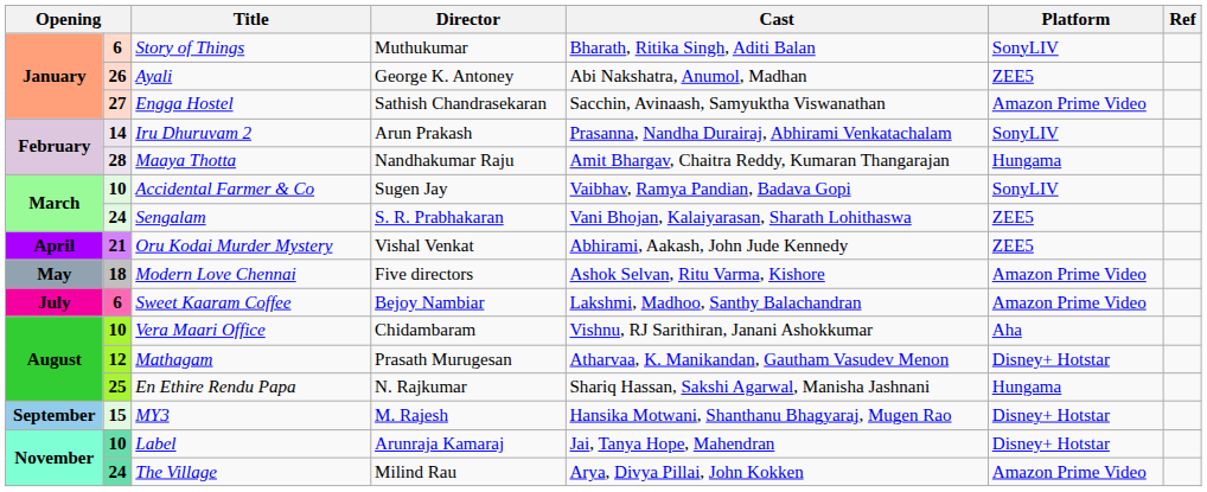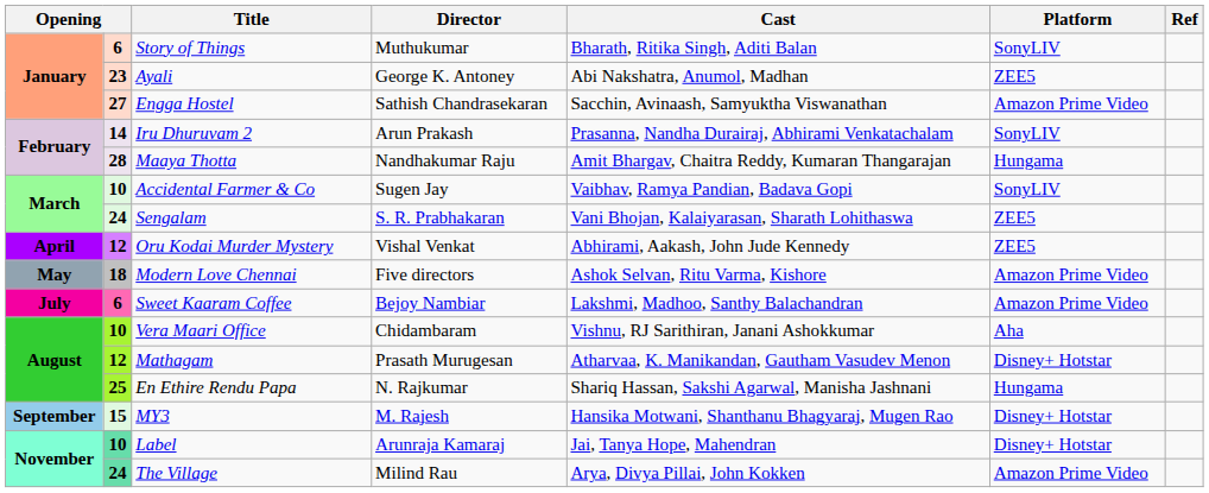 <table class="wikitable" width="85%">
 <tr>
 <th colspan="2">Opening</th>
 <th style="width:20%;">Title</th>
 <th>Director</th>
 <th>Cast</th>
 <th>Platform</th>
 <th>Ref</th>
 </tr>
 <tr>
 <td rowspan="3" style="text-align:center; background:#ffa07a; textcolor:#000;"><strong>January</strong></td>
 <td rowspan="1" style="text-align:center; background:#ffdacc;"><strong>6</strong></td>
 <td><em><a href='#'>Story of Things</a></em></td>
 <td>Muthukumar</td>
 <td><a href='#'>Bharath</a>, <a href='#'>Ritika Singh</a>, <a href='#'>Aditi Balan</a></td>
 <td><a href='#'>SonyLIV</a></td>
 <td></td>
 </tr>
 <tr>
-<td rowspan="1" style="text-align:center; background:#ffdacc;"><strong>26</strong></td>
+<td rowspan="1" style="text-align:center; background:#ffdacc;"><strong>23</strong></td>
 <td><em><a href='#'>Ayali</a></em></td>
 <td>George K. Antoney</td>
 <td>Abi Nakshatra, <a href='#'>Anumol</a>, Madhan</td>
 <td><a href='#'>ZEE5</a></td>
 <td></td>
 </tr>
 <tr>
 <td rowspan="1" style="text-align:center; background:#ffdacc;"><strong>27</strong></td>
 <td><em><a href='#'>Engga Hostel</a></em></td>
 <td>Sathish Chandrasekaran</td>
 <td>Sacchin, Avinaash, Samyuktha Viswanathan</td>
 <td><a href='#'>Amazon Prime Video</a></td>
 <td></td>
 </tr>
 <tr>
 <td rowspan="2" style="text-align:center; background:#dcc7df; textcolor:#000;"><strong>February</strong></td>
 <td style="text-align:center; background:#ede3ef;"><strong>14</strong></td>
 <td><em><a href='#'>Iru Dhuruvam 2</a></em></td>
 <td>Arun Prakash</td>
 <td><a href='#'>Prasanna</a>, <a href='#'>Nandha Durairaj</a>, <a href='#'>Abhirami Venkatachalam</a></td>
 <td><a href='#'>SonyLIV</a></td>
 <td></td>
 </tr>
 <tr>
 <td rowspan="1" style="text-align:center; background:#ede3ef;"><strong>28</strong></td>
 <td><em><a href='#'>Maaya Thotta</a></em></td>
 <td>Nandhakumar Raju</td>
 <td><a href='#'>Amit Bhargav</a>, Chaitra Reddy, Kumaran Thangarajan</td>
 <td><a href='#'>Hungama</a></td>
 <td></td>
 </tr>
 <tr>
 <td rowspan="2"  style="text-align:center; background:#98fb98; textcolor:#000;"><strong>March</strong></td>
 <td style="text-align:center; background:#e0f9e0;"><strong>10</strong></td>
 <td><em><a href='#'>Accidental Farmer & Co</a></em></td>
 <td>Sugen Jay</td>
 <td><a href='#'>Vaibhav</a>, <a href='#'>Ramya Pandian</a>, <a href='#'>Badava Gopi</a></td>
 <td><a href='#'>SonyLIV</a></td>
 <td></td>
 </tr>
 <tr>
 <td style="text-align:center; background:#e0f9e0;"><strong>24</strong></td>
 <td><em><a href='#'>Sengalam</a></em></td>
 <td><a href='#'>S. R. Prabhakaran</a></td>
 <td><a href='#'>Vani Bhojan</a>, <a href='#'>Kalaiyarasan</a>, <a href='#'>Sharath Lohithaswa</a></td>
 <td><a href='#'>ZEE5</a></td>
 <td></td>
 </tr>
 <tr>
 <td rowspan="1" style="text-align:center; background:#a0f; textcolor:#d580ff;"><strong>April</strong></td>
-<td rowspan="1" style="text-align:center; background:#d580ff"><strong>21</strong></td>
+<td rowspan="1" style="text-align:center; background:#d580ff"><strong>12</strong></td>
 <td><em><a href='#'>Oru Kodai Murder Mystery</a></em></td>
 <td>Vishal Venkat</td>
 <td><a href='#'>Abhirami</a>, Aakash, John Jude Kennedy</td>
 <td><a href='#'>ZEE5</a></td>
 <td></td>
 </tr>
 <tr>
 <td style="text-align:center; background:#91a3b0; textcolor:#000;"><strong>May</strong></td>
 <td style="text-align:center; background:silver;"><strong>18</strong></td>
 <td><em><a href='#'>Modern Love Chennai</a></em></td>
 <td>Five directors</td>
 <td><a href='#'>Ashok Selvan</a>, <a href='#'>Ritu Varma</a>, <a href='#'>Kishore</a></td>
 <td><a href='#'>Amazon Prime Video</a></td>
 <td></td>
 </tr>
 <tr>
 <td rowspan="1" style="text-align:center; background:#F400A1; textcolor:#000;"><strong>July</strong></td>
 <td style="text-align:center; background:hotPink;"><strong>6</strong></td>
 <td><em><a href='#'>Sweet Kaaram Coffee</a></em></td>
 <td><a href='#'>Bejoy Nambiar</a></td>
 <td><a href='#'>Lakshmi</a>, <a href='#'>Madhoo</a>, <a href='#'>Santhy Balachandran</a></td>
 <td><a href='#'>Amazon Prime Video</a></td>
 <td></td>
 </tr>
 <tr>
 <td rowspan="3" style="text-align:center; background:#32CD32; textcolor:#d580ff;"><strong>August</strong></td>
 <td style="text-align:center; background:#a7f432;"><strong>10</strong></td>
 <td><em><a href='#'>Vera Maari Office</a></em></td>
 <td>Chidambaram</td>
 <td><a href='#'>Vishnu</a>, RJ Sarithiran, Janani Ashokkumar</td>
 <td><a href='#'>Aha</a></td>
 <td></td>
 </tr>
 <tr>
 <td style="text-align:center; background:#a7f432;"><strong>12</strong></td>
 <td><em><a href='#'>Mathagam</a></em></td>
 <td>Prasath Murugesan</td>
 <td><a href='#'>Atharvaa</a>, <a href='#'>K. Manikandan</a>, <a href='#'>Gautham Vasudev Menon</a></td>
 <td><a href='#'>Disney+ Hotstar</a></td>
 <td></td>
 </tr>
 <tr>
 <td style="text-align:center; background:#a7f432;"><strong>25</strong></td>
 <td><em>En Ethire Rendu Papa</em></td>
 <td>N. Rajkumar</td>
 <td>Shariq Hassan, <a href='#'>Sakshi Agarwal</a>, Manisha Jashnani</td>
 <td><a href='#'>Hungama</a></td>
 <td></td>
 </tr>
 <tr>
 <td style="text-align:center; background:#93ccea; textcolor:#000;"><strong>September</strong></td>
 <td style="text-align:center; background:#e0f9e0;"><strong>15</strong></td>
 <td><em><a href='#'>MY3</a></em></td>
 <td><a href='#'>M. Rajesh</a></td>
 <td><a href='#'>Hansika Motwani</a>, <a href='#'>Shanthanu Bhagyaraj</a>, <a href='#'>Mugen Rao</a></td>
 <td><a href='#'>Disney+ Hotstar</a></td>
 <td></td>
 </tr>
 <tr>
 <td rowspan="2" style="text-align:center; background:#7fffd4; textcolor:#000;"><strong>November</strong></td>
 <td style="text-align:center; background:#6da;"><strong>10</strong></td>
 <td><em><a href='#'>Label</a></em></td>
 <td><a href='#'>Arunraja Kamaraj</a></td>
 <td><a href='#'>Jai</a>, <a href='#'>Tanya Hope</a>, <a href='#'>Mahendran</a></td>
 <td><a href='#'>Disney+ Hotstar</a></td>
 <td></td>
 </tr>
 <tr>
 <td style="text-align:center; background:#6da;"><strong>24</strong></td>
 <td><em><a href='#'>The Village</a></em></td>
 <td>Milind Rau</td>
 <td><a href='#'>Arya</a>, <a href='#'>Divya Pillai</a>, <a href='#'>John Kokken</a></td>
 <td><a href='#'>Amazon Prime Video</a></td>
 <td></td>
 </tr>
 </table>
